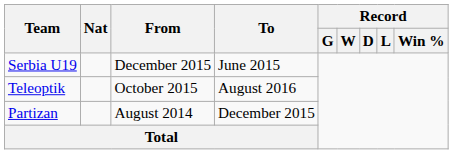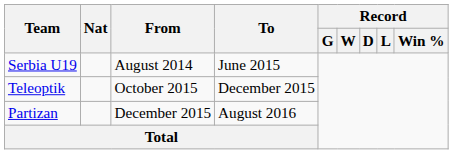 <table class="wikitable" style="text-align: center">
 <tr>
 <th rowspan="2">Team</th>
 <th rowspan="2">Nat</th>
 <th rowspan="2">From</th>
 <th rowspan="2">To</th>
 <th colspan="5">Record</th>
 </tr>
 <tr>
 <th>G</th>
 <th>W</th>
 <th>D</th>
 <th>L</th>
 <th>Win %</th>
 </tr>
 <tr>
 <td align="left"><a href='#'>Serbia U19</a></td>
 <td align="left"></td>
-<td align="left">December 2015</td>
+<td align="left">August 2014</td>
 <td align="left">June 2015<br></td>
 </tr>
 <tr>
 <td align="left"><a href='#'>Teleoptik</a></td>
 <td align="left"></td>
 <td align="left">October 2015</td>
-<td align="left">August 2016<br></td>
+<td align="left">December 2015<br></td>
 </tr>
 <tr>
 <td align="left"><a href='#'>Partizan</a></td>
 <td align="left"></td>
-<td align="left">August 2014</td>
-<td align="left">December 2015<br></td>
+<td align="left">December 2015</td>
+<td align="left">August 2016<br></td>
 </tr>
 <tr>
 <th colspan="4">Total<br></th>
 </tr>
 </table>
